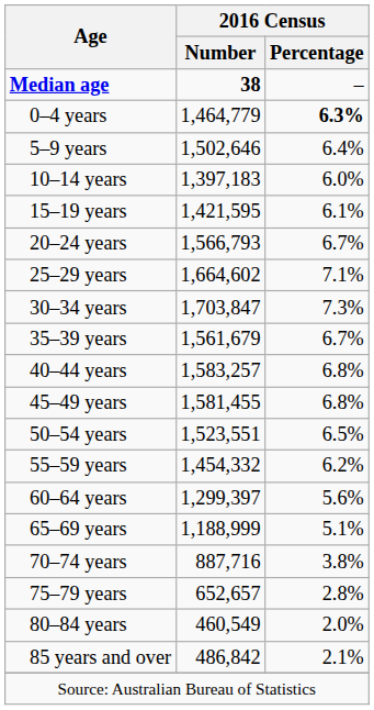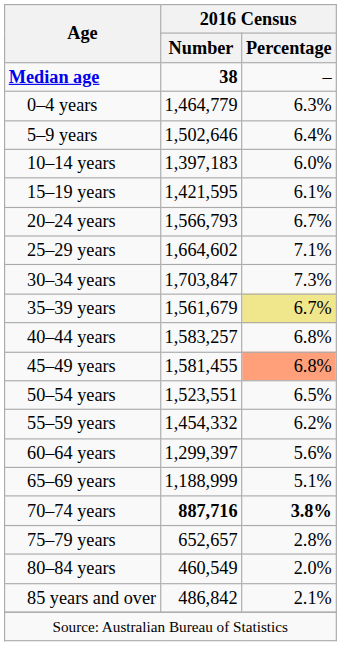 <table class="wikitable">
 <tr>
 <th rowspan=2>Age</th>
 <th colspan=2>2016 Census</th>
 </tr>
 <tr>
 <th>Number</th>
 <th>Percentage</th>
 </tr>
 <tr align=right>
 <td align=left><strong><a href='#'>Median age</a></strong></td>
 <td><strong>38</strong></td>
 <td>–</td>
 </tr>
 <tr align=right>
 <td align=left>    0–4 years</td>
 <td>1,464,779</td>
-<td><strong>6.3%</strong></td>
+<td>6.3%</td>
 </tr>
 <tr align=right>
 <td align=left>    5–9 years</td>
 <td>1,502,646</td>
 <td>6.4%</td>
 </tr>
 <tr align=right>
 <td align=left>    10–14 years</td>
 <td>1,397,183</td>
 <td>6.0%</td>
 </tr>
 <tr align=right>
 <td align=left>    15–19 years</td>
 <td>1,421,595</td>
 <td>6.1%</td>
 </tr>
 <tr align=right>
 <td align=left>    20–24 years</td>
 <td>1,566,793</td>
 <td>6.7%</td>
 </tr>
 <tr align=right>
 <td align=left>    25–29 years</td>
 <td>1,664,602</td>
 <td>7.1%</td>
 </tr>
 <tr align=right>
 <td align=left>    30–34 years</td>
 <td>1,703,847</td>
 <td>7.3%</td>
 </tr>
 <tr align=right>
 <td align=left>    35–39 years</td>
 <td>1,561,679</td>
-<td>6.7%</td>
+<td style="background: khaki;">6.7%</td>
 </tr>
 <tr align=right>
 <td align=left>    40–44 years</td>
 <td>1,583,257</td>
 <td>6.8%</td>
 </tr>
 <tr align=right>
 <td align=left>    45–49 years</td>
 <td>1,581,455</td>
-<td>6.8%</td>
+<td style="background: lightsalmon;">6.8%</td>
 </tr>
 <tr align=right>
 <td align=left>    50–54 years</td>
 <td>1,523,551</td>
 <td>6.5%</td>
 </tr>
 <tr align=right>
 <td align=left>    55–59 years</td>
 <td>1,454,332</td>
 <td>6.2%</td>
 </tr>
 <tr align=right>
 <td align=left>    60–64 years</td>
 <td>1,299,397</td>
 <td>5.6%</td>
 </tr>
 <tr align=right>
 <td align=left>    65–69 years</td>
 <td>1,188,999</td>
 <td>5.1%</td>
 </tr>
 <tr align=right>
 <td align=left>    70–74 years</td>
-<td>887,716</td>
-<td>3.8%</td>
+<td><strong>887,716</strong></td>
+<td><strong>3.8%</strong></td>
 </tr>
 <tr align=right>
 <td align=left>    75–79 years</td>
 <td>652,657</td>
 <td>2.8%</td>
 </tr>
 <tr align=right>
 <td align=left>    80–84 years</td>
 <td>460,549</td>
 <td>2.0%</td>
 </tr>
 <tr align=right>
 <td align=left>    85 years and over</td>
 <td>486,842</td>
 <td>2.1%</td>
 </tr>
 <tr align=right>
 </tr>
 <tr>
 <td colspan="4" style="text-align:center;"><small>Source: Australian Bureau of Statistics</small></td>
 </tr>
 </table>
